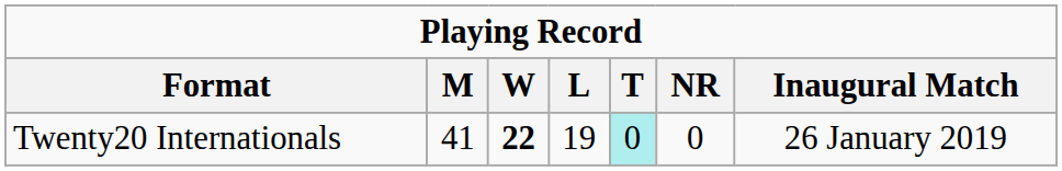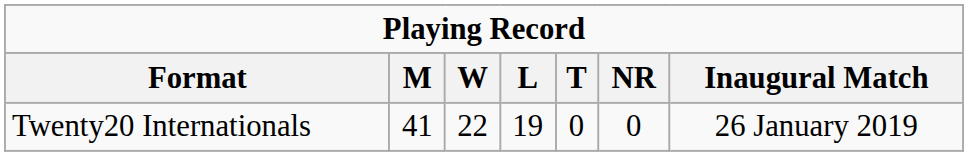 <table class="wikitable" style="text-align: center; width: 500px;">
 <tr>
 <td colspan=7 align="center"><strong>Playing Record</strong></td>
 </tr>
 <tr>
 <th>Format</th>
 <th>M</th>
 <th>W</th>
 <th>L</th>
 <th>T</th>
 <th>NR</th>
 <th>Inaugural Match</th>
 </tr>
 <tr>
 <td align="left">Twenty20 Internationals</td>
 <td>41</td>
-<td><strong>22</strong></td>
+<td>22</td>
 <td>19</td>
-<td style="background: paleturquoise;">0</td>
+<td>0</td>
 <td>0</td>
 <td>26 January 2019</td>
 </tr>
 </table>
